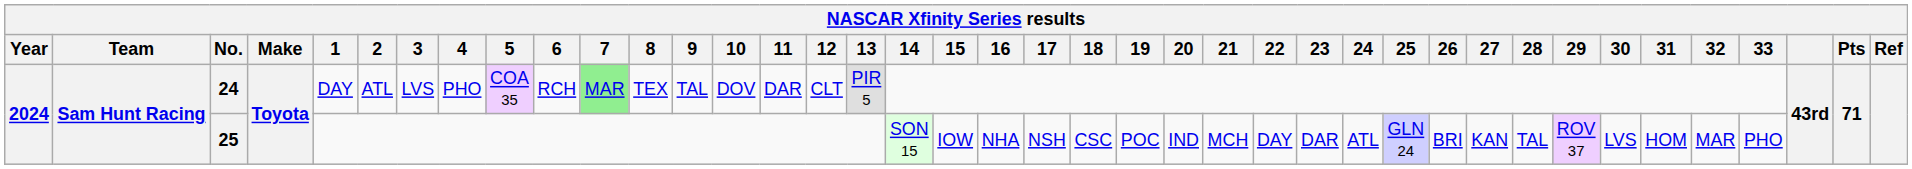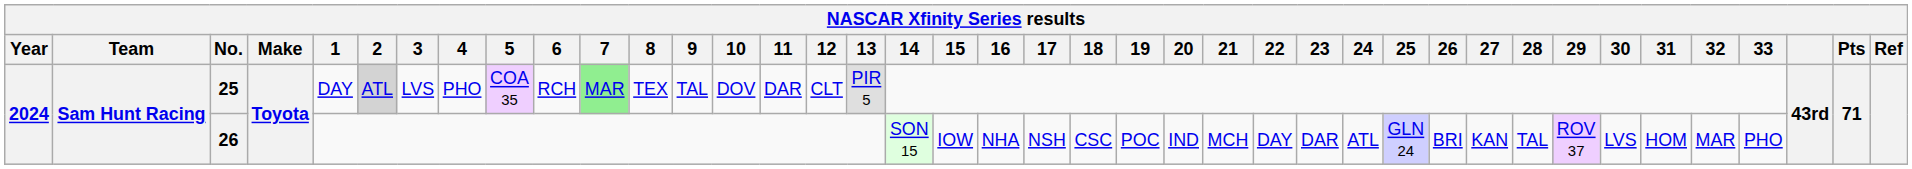 <table class="wikitable" style="text-align:center; font-size:75%">
 <tr>
 <th colspan="42"><a href='#'>NASCAR Xfinity Series</a> results</th>
 </tr>
 <tr>
 <th>Year</th>
 <th>Team</th>
 <th>No.</th>
 <th>Make</th>
 <th>1</th>
 <th>2</th>
 <th>3</th>
 <th>4</th>
 <th>5</th>
 <th>6</th>
 <th>7</th>
 <th>8</th>
 <th>9</th>
 <th>10</th>
 <th>11</th>
 <th>12</th>
 <th>13</th>
 <th>14</th>
 <th>15</th>
 <th>16</th>
 <th>17</th>
 <th>18</th>
 <th>19</th>
 <th>20</th>
 <th>21</th>
 <th>22</th>
 <th>23</th>
 <th>24</th>
 <th>25</th>
 <th>26</th>
 <th>27</th>
 <th>28</th>
 <th>29</th>
 <th>30</th>
 <th>31</th>
 <th>32</th>
 <th>33</th>
 <th></th>
 <th>Pts</th>
 <th>Ref</th>
 </tr>
 <tr>
 <th rowspan=2><a href='#'>2024</a></th>
 <th rowspan=2 nowrap><a href='#'>Sam Hunt Racing</a></th>
-<th>24</th>
+<th>25</th>
 <th rowspan=2><a href='#'>Toyota</a></th>
 <td><a href='#'>DAY</a></td>
-<td><a href='#'>ATL</a></td>
+<td style="background: lightgrey;"><a href='#'>ATL</a></td>
 <td><a href='#'>LVS</a></td>
 <td><a href='#'>PHO</a></td>
 <td style="background:#EFCFFF;"><a href='#'>COA</a><br><small>35</small></td>
 <td><a href='#'>RCH</a></td>
 <td style="background: lightgreen;"><a href='#'>MAR</a></td>
 <td><a href='#'>TEX</a></td>
 <td><a href='#'>TAL</a></td>
 <td><a href='#'>DOV</a></td>
 <td><a href='#'>DAR</a></td>
 <td><a href='#'>CLT</a></td>
 <td style="background:#DFDFDF;"><a href='#'>PIR</a><br><small>5</small></td>
 <td colspan=20></td>
 <th rowspan=2>43rd</th>
 <th rowspan=2>71</th>
 <th rowspan=2></th>
 </tr>
 <tr>
-<th>25</th>
+<th>26</th>
 <td colspan=13></td>
 <td style="background:#DFFFDF;"><a href='#'>SON</a><br><small>15</small></td>
 <td><a href='#'>IOW</a></td>
 <td><a href='#'>NHA</a></td>
 <td><a href='#'>NSH</a></td>
 <td><a href='#'>CSC</a></td>
 <td><a href='#'>POC</a></td>
 <td><a href='#'>IND</a></td>
 <td><a href='#'>MCH</a></td>
 <td><a href='#'>DAY</a></td>
 <td><a href='#'>DAR</a></td>
 <td><a href='#'>ATL</a></td>
 <td style="background:#CFCFFF;"><a href='#'>GLN</a><br><small>24</small></td>
 <td><a href='#'>BRI</a></td>
 <td><a href='#'>KAN</a></td>
 <td><a href='#'>TAL</a></td>
 <td style="background:#EFCFFF;"><a href='#'>ROV</a><br><small>37</small></td>
 <td><a href='#'>LVS</a></td>
 <td><a href='#'>HOM</a></td>
 <td><a href='#'>MAR</a></td>
 <td><a href='#'>PHO</a></td>
 </tr>
 </table>
